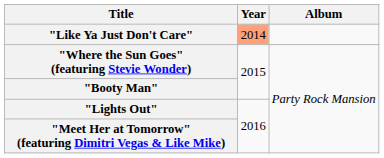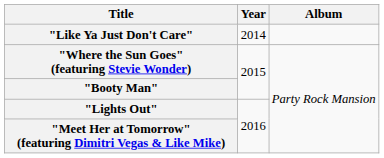 <table class="wikitable plainrowheaders" style="text-align:center;" border="1">
 <tr>
 <th scope="col" style="width:18em;">Title</th>
 <th scope="col">Year</th>
 <th scope="col">Album</th>
 </tr>
 <tr>
 <th scope="row">"Like Ya Just Don't Care"</th>
-<td style="background: lightsalmon;">2014</td>
+<td>2014</td>
 <td></td>
 </tr>
 <tr>
 <th scope="row">"Where the Sun Goes" <br><span>(featuring <a href='#'>Stevie Wonder</a>)</span></th>
 <td rowspan="2">2015</td>
 <td rowspan="4"><em>Party Rock Mansion</em></td>
 </tr>
 <tr>
 <th scope="row">"Booty Man"</th>
 </tr>
 <tr>
 <th scope="row">"Lights Out"</th>
 <td rowspan="2">2016</td>
 </tr>
 <tr>
 <th scope="row">"Meet Her at Tomorrow"<br><span>(featuring <a href='#'>Dimitri Vegas & Like Mike</a>)</span></th>
 </tr>
 </table>
